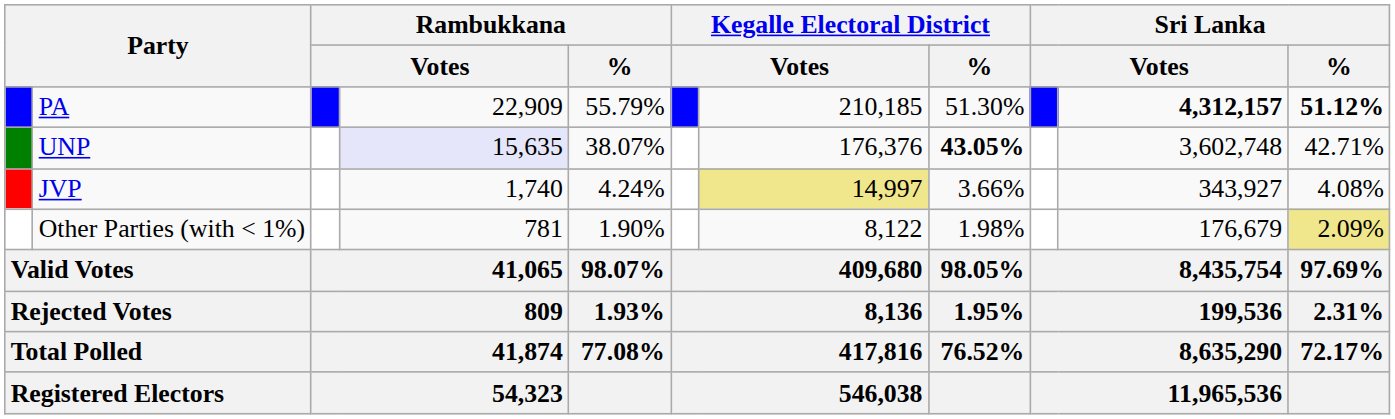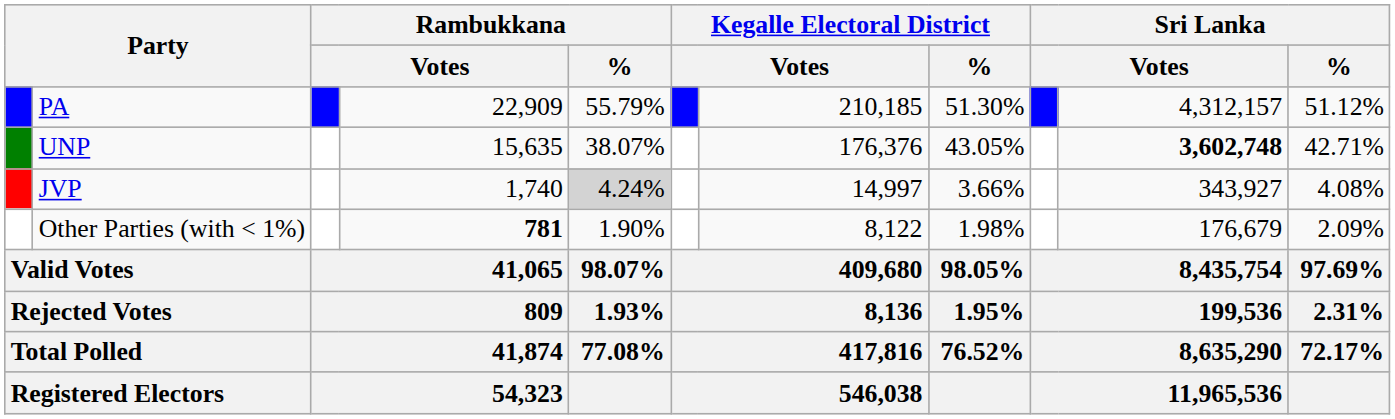 <table class="wikitable">
 <tr>
 <th colspan="2" width="144px"rowspan="2">Party</th>
 <th colspan="3" width="216px">Rambukkana</th>
 <th colspan="3" width="216px"><a href='#'>Kegalle Electoral District</a></th>
 <th colspan="3" width="216px">Sri Lanka</th>
 </tr>
 <tr>
 <th colspan="2" width="144px">Votes</th>
 <th>%</th>
 <th colspan="2" width="144px">Votes</th>
 <th>%</th>
 <th colspan="2" width="144px">Votes</th>
 <th>%</th>
 </tr>
 <tr>
 <td style="background-color:blue;" width="10px"></td>
 <td style="text-align:left;"><a href='#'>PA</a></td>
 <td style="background-color:blue;" width="10px"></td>
 <td style="text-align:right;">22,909</td>
 <td style="text-align:right;">55.79%</td>
 <td style="background-color:blue;" width="10px"></td>
 <td style="text-align:right;">210,185</td>
 <td style="text-align:right;">51.30%</td>
 <td style="background-color:blue;" width="10px"></td>
-<td style="text-align:right;"><strong>4,312,157</strong></td>
-<td style="text-align:right;"><strong>51.12%</strong></td>
+<td style="text-align:right;">4,312,157</td>
+<td style="text-align:right;">51.12%</td>
 </tr>
 <tr>
 <td style="background-color:green;" width="10px"></td>
 <td style="text-align:left;"><a href='#'>UNP</a></td>
 <td style="background-color:white;" width="10px"></td>
-<td style="background: lavender; text-align:right;">15,635</td>
+<td style="text-align:right;">15,635</td>
 <td style="text-align:right;">38.07%</td>
 <td style="background-color:white;" width="10px"></td>
 <td style="text-align:right;">176,376</td>
-<td style="text-align:right;"><strong>43.05%</strong></td>
+<td style="text-align:right;">43.05%</td>
 <td style="background-color:white;" width="10px"></td>
-<td style="text-align:right;">3,602,748</td>
+<td style="text-align:right;"><strong>3,602,748</strong></td>
 <td style="text-align:right;">42.71%</td>
 </tr>
 <tr>
 <td style="background-color:red;" width="10px"></td>
 <td style="text-align:left;"><a href='#'>JVP</a></td>
 <td style="background-color:white;" width="10px"></td>
 <td style="text-align:right;">1,740</td>
-<td style="text-align:right;">4.24%</td>
+<td style="background: lightgrey; text-align:right;">4.24%</td>
 <td style="background-color:white;" width="10px"></td>
-<td style="background: khaki; text-align:right;">14,997</td>
+<td style="text-align:right;">14,997</td>
 <td style="text-align:right;">3.66%</td>
 <td style="background-color:white;" width="10px"></td>
 <td style="text-align:right;">343,927</td>
 <td style="text-align:right;">4.08%</td>
 </tr>
 <tr>
 <td style="background-color:white;" width="10px"></td>
 <td style="text-align:left;">Other Parties (with < 1%)</td>
 <td style="background-color:white;" width="10px"></td>
-<td style="text-align:right;">781</td>
+<td style="text-align:right;"><strong>781</strong></td>
 <td style="text-align:right;">1.90%</td>
 <td style="background-color:white;" width="10px"></td>
 <td style="text-align:right;">8,122</td>
 <td style="text-align:right;">1.98%</td>
 <td style="background-color:white;" width="10px"></td>
 <td style="text-align:right;">176,679</td>
-<td style="background: khaki; text-align:right;">2.09%</td>
+<td style="text-align:right;">2.09%</td>
 </tr>
 <tr>
 <th colspan="2" width="144px"style="text-align:left;">Valid Votes</th>
 <th style="text-align:right;"colspan="2" width="144px">41,065</th>
 <th style="text-align:right;">98.07%</th>
 <th style="text-align:right;"colspan="2" width="144px">409,680</th>
 <th style="text-align:right;">98.05%</th>
 <th style="text-align:right;"colspan="2" width="144px">8,435,754</th>
 <th style="text-align:right;">97.69%</th>
 </tr>
 <tr>
 <th colspan="2" width="144px"style="text-align:left;">Rejected Votes</th>
 <th style="text-align:right;"colspan="2" width="144px">809</th>
 <th style="text-align:right;">1.93%</th>
 <th style="text-align:right;"colspan="2" width="144px">8,136</th>
 <th style="text-align:right;">1.95%</th>
 <th style="text-align:right;"colspan="2" width="144px">199,536</th>
 <th style="text-align:right;">2.31%</th>
 </tr>
 <tr>
 <th colspan="2" width="144px"style="text-align:left;">Total Polled</th>
 <th style="text-align:right;"colspan="2" width="144px">41,874</th>
 <th style="text-align:right;">77.08%</th>
 <th style="text-align:right;"colspan="2" width="144px">417,816</th>
 <th style="text-align:right;">76.52%</th>
 <th style="text-align:right;"colspan="2" width="144px">8,635,290</th>
 <th style="text-align:right;">72.17%</th>
 </tr>
 <tr>
 <th colspan="2" width="144px"style="text-align:left;">Registered Electors</th>
 <th style="text-align:right;"colspan="2" width="144px">54,323</th>
 <th></th>
 <th style="text-align:right;"colspan="2" width="144px">546,038</th>
 <th></th>
 <th style="text-align:right;"colspan="2" width="144px">11,965,536</th>
 <th></th>
 </tr>
 </table>
